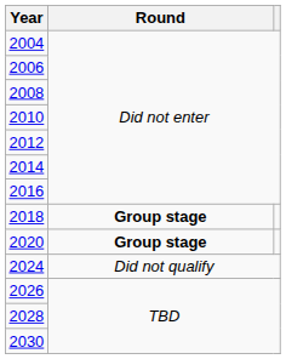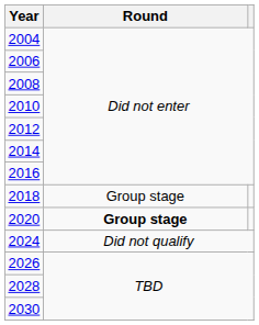 <table class="wikitable" style="text-align: center; font-size:90%">
 <tr>
 <th>Year</th>
 <th style="width:200px">Round</th>
 <th></th>
 </tr>
 <tr>
 <td><a href='#'>2004</a></td>
 <td colspan="2" rowspan="7"><em>Did not enter</em></td>
 </tr>
 <tr>
 <td><a href='#'>2006</a></td>
 </tr>
 <tr>
 <td><a href='#'>2008</a></td>
 </tr>
 <tr>
 <td><a href='#'>2010</a></td>
 </tr>
 <tr>
 <td><a href='#'>2012</a></td>
 </tr>
 <tr>
 <td><a href='#'>2014</a></td>
 </tr>
 <tr>
 <td><a href='#'>2016</a></td>
 </tr>
 <tr>
 <td><a href='#'>2018</a></td>
-<td><strong>Group stage</strong></td>
+<td>Group stage</td>
 <td></td>
 </tr>
 <tr>
 <td><a href='#'>2020</a></td>
 <td><strong>Group stage</strong></td>
 <td></td>
 </tr>
 <tr>
 <td><a href='#'>2024</a></td>
 <td colspan="2"><em>Did not qualify</em></td>
 </tr>
 <tr>
 <td><a href='#'>2026</a></td>
 <td colspan="2" rowspan="3"><em>TBD</em></td>
 </tr>
 <tr>
 <td><a href='#'>2028</a></td>
 </tr>
 <tr>
 <td><a href='#'>2030</a></td>
 </tr>
 </table>
